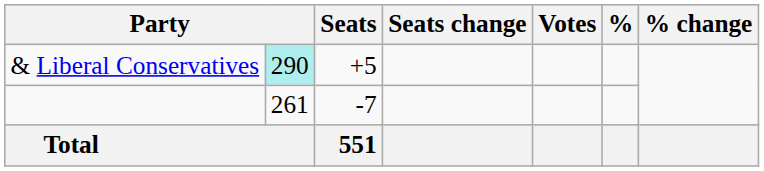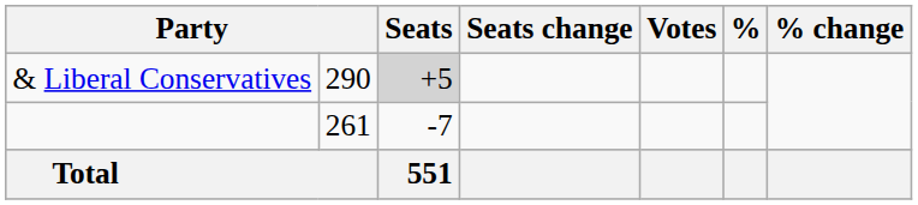 <table class="wikitable sortable">
 <tr>
 <th colspan=2>Party</th>
 <th>Seats</th>
 <th>Seats change</th>
 <th>Votes</th>
 <th>%</th>
 <th>% change</th>
 </tr>
 <tr>
 <td> & <a href='#'>Liberal Conservatives</a></td>
-<td align=right style="background: paleturquoise;">290</td>
-<td align=right>+5</td>
+<td align=right>290</td>
+<td align=right style="background: lightgrey;">+5</td>
 <td align=right></td>
 <td align=right></td>
 <td align=right></td>
 </tr>
 <tr>
 <td></td>
 <td align=right>261</td>
 <td align=right>-7</td>
 <td align=right></td>
 <td align=right></td>
 <td align=right></td>
 </tr>
 <tr class="sortbottom" style="font-weight: bold; text-align: right; background: #f2f2f2;">
 <th colspan="2" style="padding-left: 1.5em; text-align: left;">Total</th>
 <td align=right>551</td>
 <td align=right></td>
 <td align=right></td>
 <td align=right></td>
 <td align=right></td>
 </tr>
 </table>
